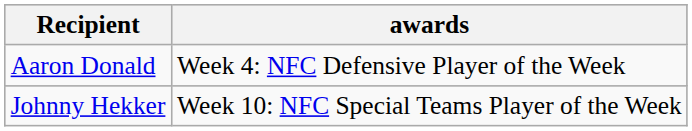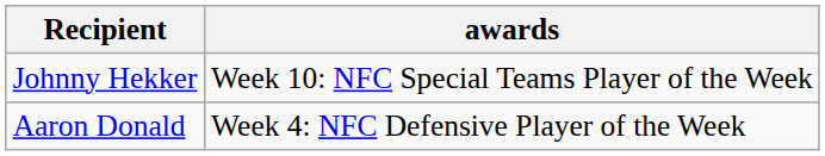 <table class="wikitable">
 <tr>
 <th>Recipient</th>
 <th>awards</th>
 </tr>
 <tr>
+<td><a href='#'>Johnny Hekker</a></td>
+<td>Week 10: <a href='#'>NFC</a> Special Teams Player of the Week</td>
+</tr>
+<tr>
 <td><a href='#'>Aaron Donald</a></td>
 <td>Week 4: <a href='#'>NFC</a> Defensive Player of the Week</td>
 </tr>
-<tr>
-<td><a href='#'>Johnny Hekker</a></td>
-<td>Week 10: <a href='#'>NFC</a> Special Teams Player of the Week</td>
-</tr>
 </table>
